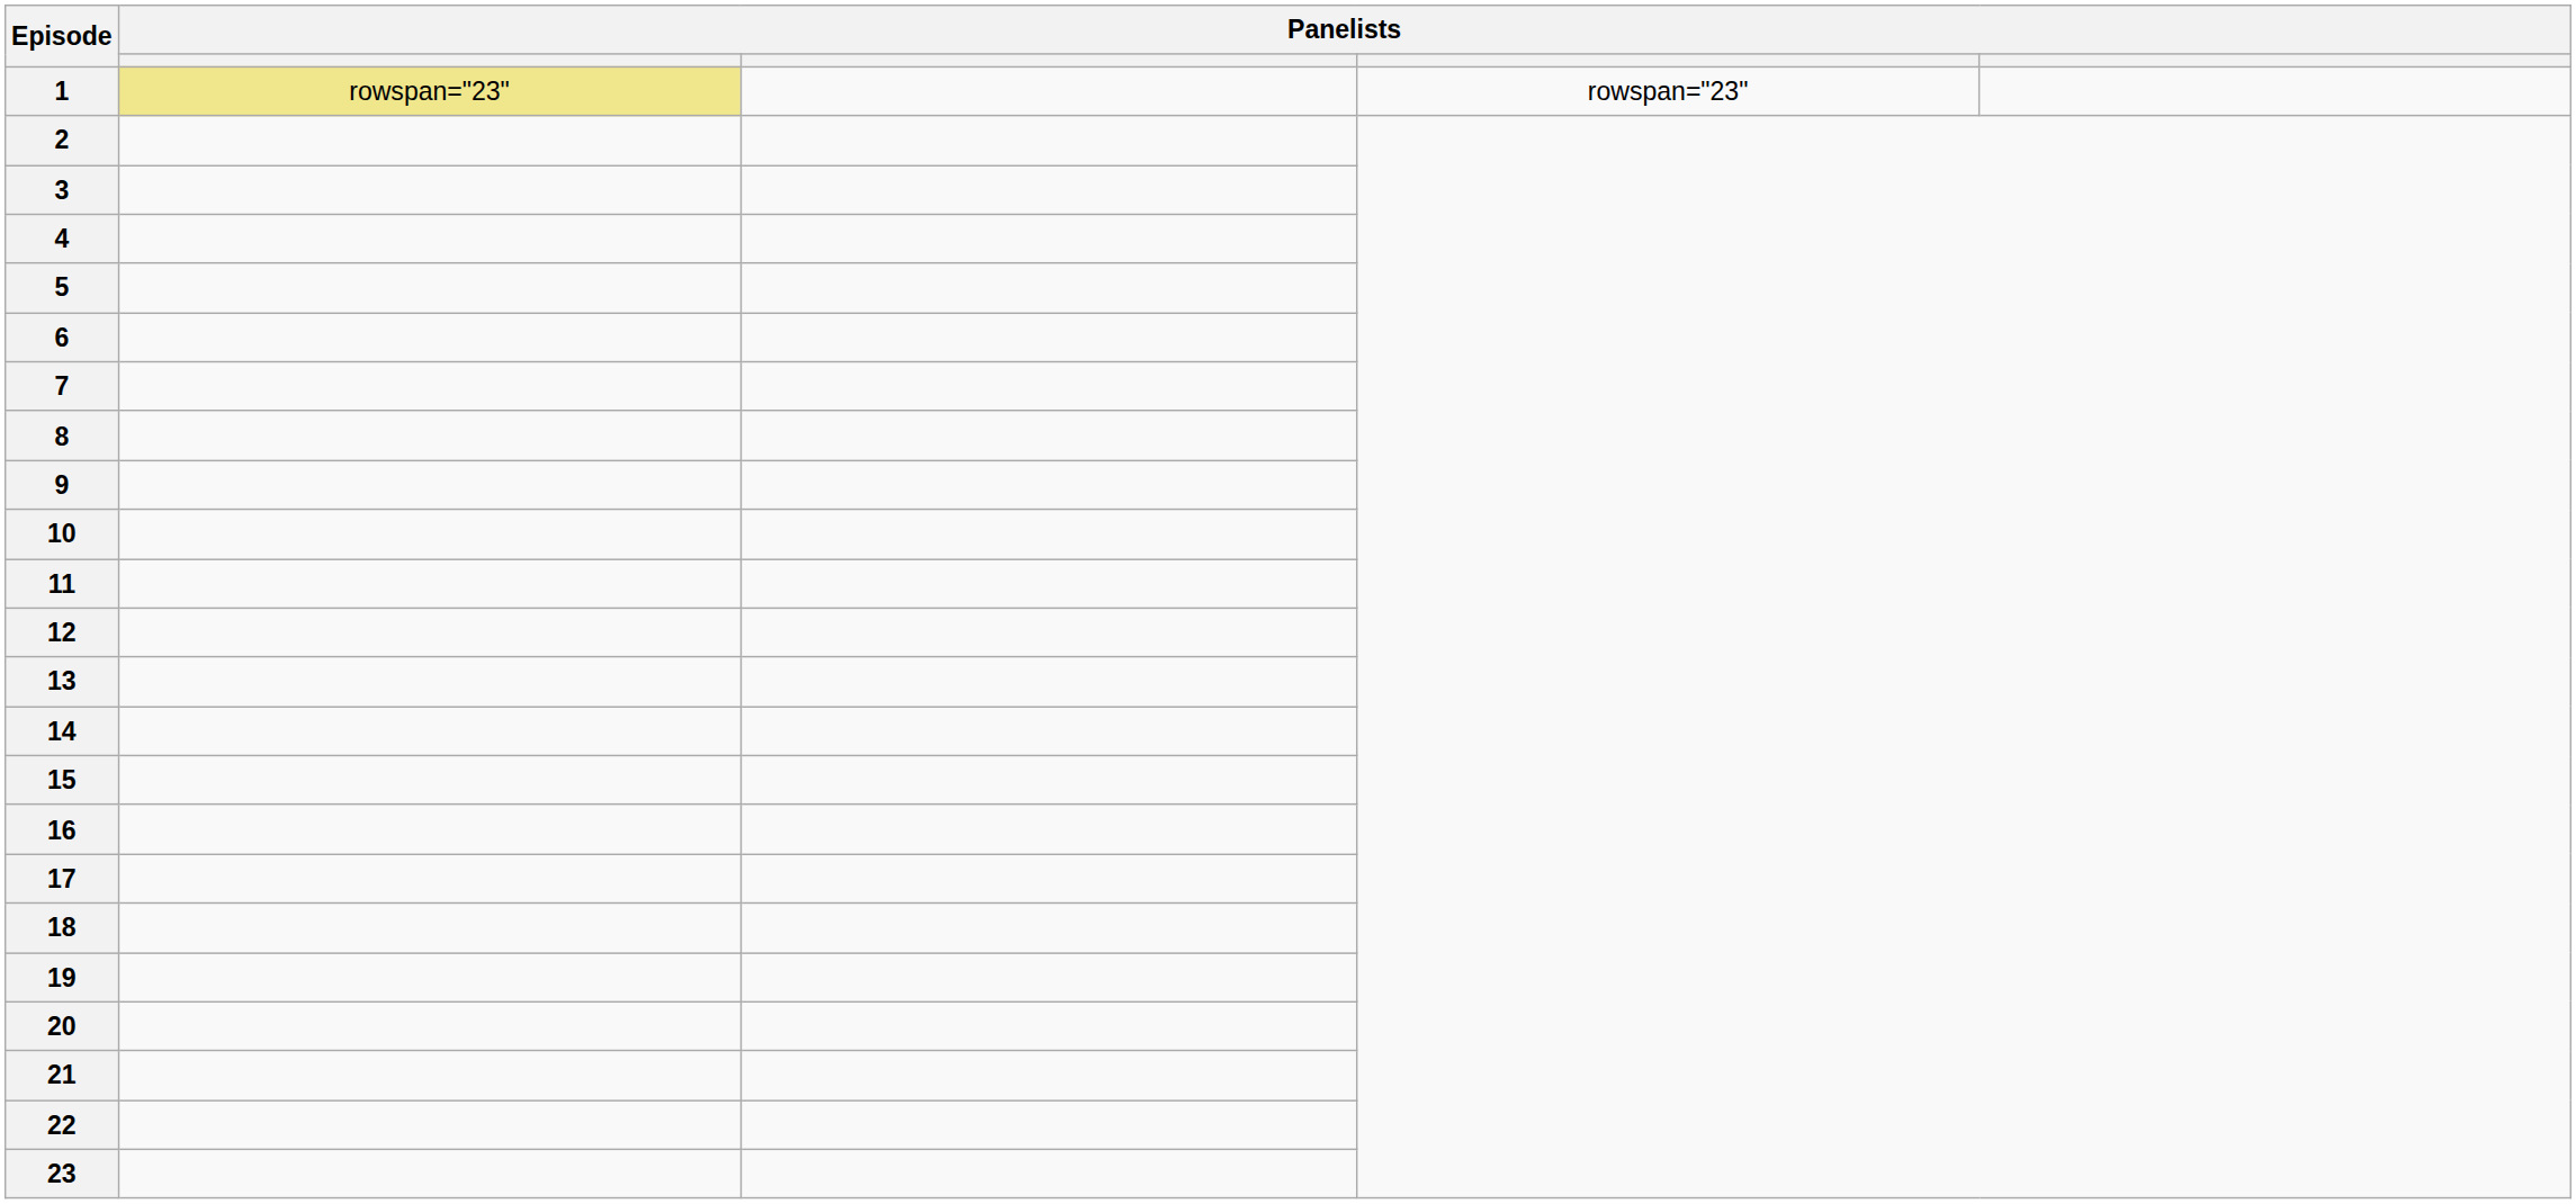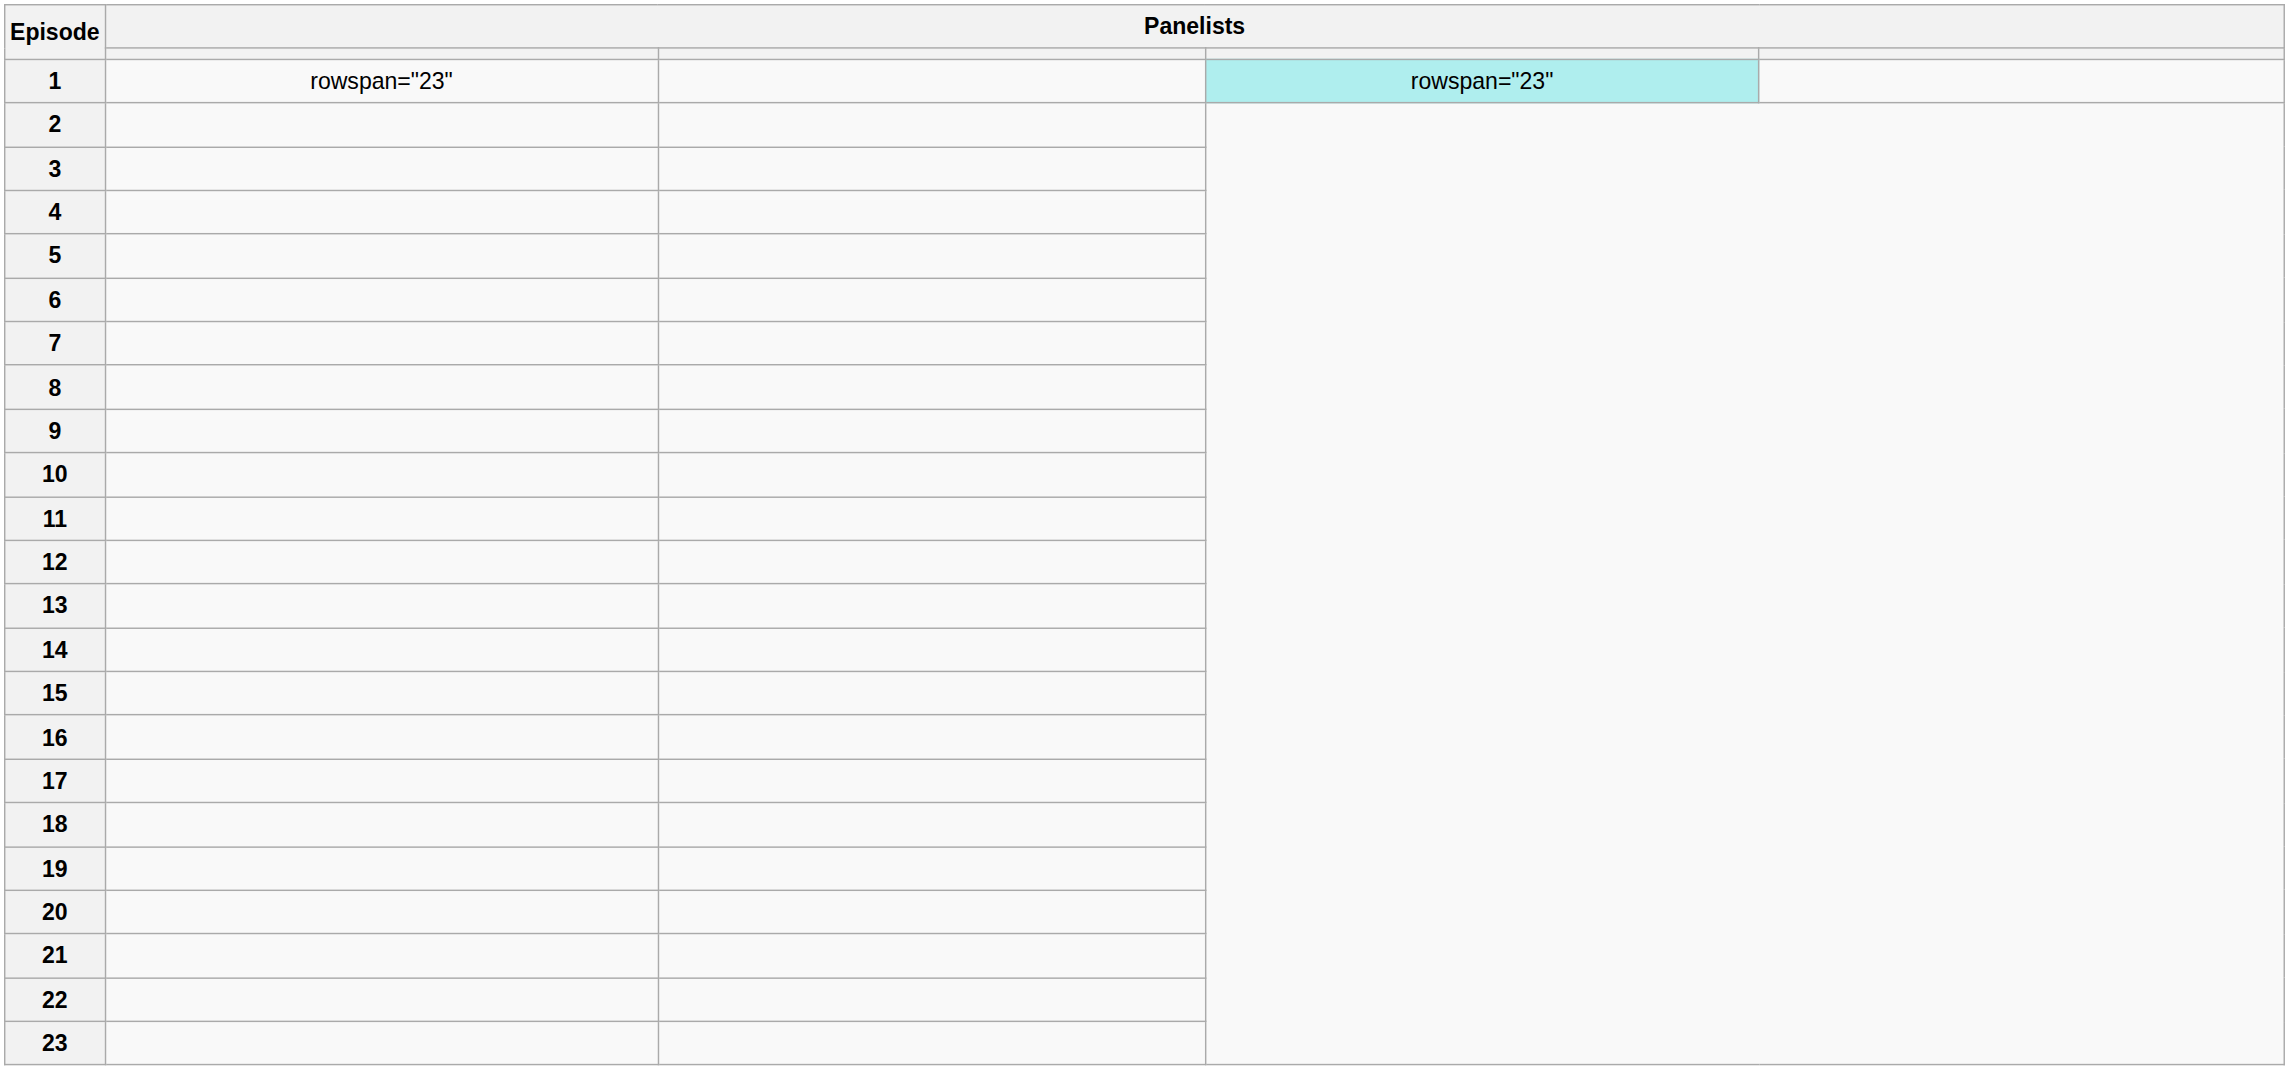 <table class="wikitable plainrowheaders mw-collapsible" style="text-align:center; line-height:23px; width:100%;">
 <tr>
 <th rowspan=2 width=1%>Episode</th>
 <th colspan=4>Panelists</th>
 </tr>
 <tr>
 <th width="25%"></th>
 <th width="25%"></th>
 <th width="25%"></th>
 <th width="25%"></th>
 </tr>
 <tr>
 <th>1</th>
-<td style="background: khaki;">rowspan="23" </td>
+<td>rowspan="23" </td>
 <td></td>
-<td>rowspan="23" </td>
+<td style="background: paleturquoise;">rowspan="23" </td>
 <td></td>
 </tr>
 <tr>
 <th>2</th>
 <td></td>
 <td></td>
 </tr>
 <tr>
 <th>3</th>
 <td></td>
 <td></td>
 </tr>
 <tr>
 <th>4</th>
 <td></td>
 <td></td>
 </tr>
 <tr>
 <th>5</th>
 <td></td>
 <td></td>
 </tr>
 <tr>
 <th>6</th>
 <td></td>
 <td></td>
 </tr>
 <tr>
 <th>7</th>
 <td></td>
 <td></td>
 </tr>
 <tr>
 <th>8</th>
 <td></td>
 <td></td>
 </tr>
 <tr>
 <th>9</th>
 <td></td>
 <td></td>
 </tr>
 <tr>
 <th>10</th>
 <td></td>
 <td></td>
 </tr>
 <tr>
 <th>11</th>
 <td></td>
 <td></td>
 </tr>
 <tr>
 <th>12</th>
 <td></td>
 <td></td>
 </tr>
 <tr>
 <th>13</th>
 <td></td>
 <td></td>
 </tr>
 <tr>
 <th>14</th>
 <td></td>
 <td></td>
 </tr>
 <tr>
 <th>15</th>
 <td></td>
 <td></td>
 </tr>
 <tr>
 <th>16</th>
 <td></td>
 <td></td>
 </tr>
 <tr>
 <th>17</th>
 <td></td>
 <td></td>
 </tr>
 <tr>
 <th>18</th>
 <td></td>
 <td></td>
 </tr>
 <tr>
 <th>19</th>
 <td></td>
 <td></td>
 </tr>
 <tr>
 <th>20</th>
 <td></td>
 <td></td>
 </tr>
 <tr>
 <th>21</th>
 <td></td>
 <td></td>
 </tr>
 <tr>
 <th>22</th>
 <td></td>
 <td></td>
 </tr>
 <tr>
 <th>23</th>
 <td></td>
 <td></td>
 </tr>
 </table>
